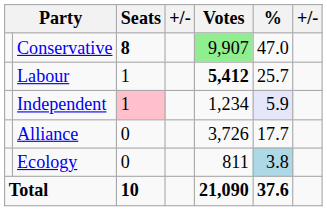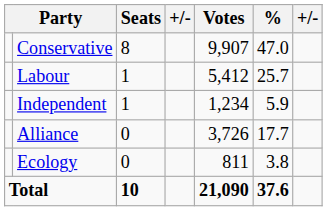 <table class="wikitable sortable">
 <tr>
 <th colspan="2">Party</th>
 <th>Seats</th>
 <th>+/-</th>
 <th>Votes</th>
 <th>%</th>
 <th>+/-</th>
 </tr>
 <tr>
 <td style="background-color: "></td>
 <td><a href='#'>Conservative</a></td>
-<td><strong>8</strong></td>
+<td>8</td>
 <td></td>
-<td style="background: lightgreen; text-align:right;">9,907</td>
+<td style="text-align:right;">9,907</td>
 <td style="text-align:right;">47.0</td>
 <td style="text-align:right;"></td>
 </tr>
 <tr>
 <td style="background-color: "></td>
 <td><a href='#'>Labour</a></td>
 <td>1</td>
 <td></td>
-<td style="text-align:right;"><strong>5,412</strong></td>
+<td style="text-align:right;">5,412</td>
 <td style="text-align:right;">25.7</td>
 <td style="text-align:right;"></td>
 </tr>
 <tr>
 <td style="background-color: "></td>
 <td><a href='#'>Independent</a></td>
-<td style="background: pink;">1</td>
+<td>1</td>
 <td></td>
 <td style="text-align:right;">1,234</td>
-<td style="background: lavender; text-align:right;">5.9</td>
+<td style="text-align:right;">5.9</td>
 <td style="text-align:right;"></td>
 </tr>
 <tr>
 <td style="background-color: "></td>
 <td><a href='#'>Alliance</a></td>
 <td>0</td>
 <td></td>
 <td style="text-align:right;">3,726</td>
 <td style="text-align:right;">17.7</td>
 <td style="text-align:right;"></td>
 </tr>
 <tr>
 <td style="background-color: "></td>
 <td><a href='#'>Ecology</a></td>
 <td>0</td>
 <td></td>
 <td style="text-align:right;">811</td>
-<td style="background: lightblue; text-align:right;">3.8</td>
+<td style="text-align:right;">3.8</td>
 <td style="text-align:right;"></td>
 </tr>
 <tr>
 <td colspan="2"><strong>Total</strong></td>
 <td><strong>10</strong></td>
 <td></td>
 <td style="text-align:right;"><strong>21,090</strong></td>
 <td style="text-align:right;"><strong>37.6</strong></td>
 <td style="text-align:right;"></td>
 </tr>
 </table>
